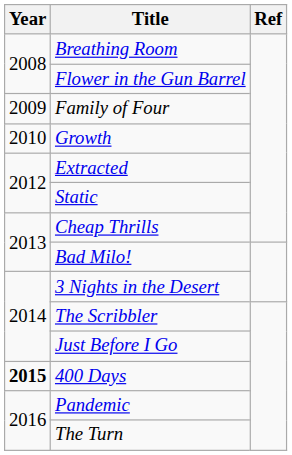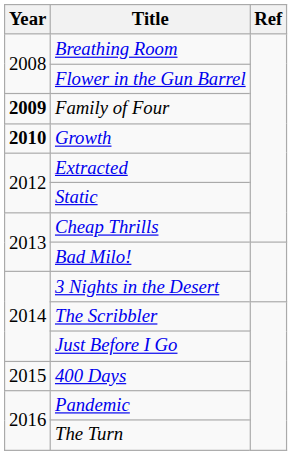 <table class="wikitable">
 <tr>
 <th>Year</th>
 <th>Title</th>
 <th>Ref</th>
 </tr>
 <tr>
 <td rowspan=2>2008</td>
 <td><em><a href='#'>Breathing Room</a></em></td>
 <td rowspan=7></td>
 </tr>
 <tr>
 <td><em><a href='#'>Flower in the Gun Barrel</a></em></td>
 </tr>
 <tr>
-<td>2009</td>
+<td><strong>2009</strong></td>
 <td><em>Family of Four</em></td>
 </tr>
 <tr>
-<td>2010</td>
+<td><strong>2010</strong></td>
 <td><em><a href='#'>Growth</a></em></td>
 </tr>
 <tr>
 <td rowspan=2>2012</td>
 <td><em><a href='#'>Extracted</a></em></td>
 </tr>
 <tr>
 <td><em><a href='#'>Static</a></em></td>
 </tr>
 <tr>
 <td rowspan=2>2013</td>
 <td><em><a href='#'>Cheap Thrills</a></em></td>
 </tr>
 <tr>
 <td><em><a href='#'>Bad Milo!</a></em></td>
 <td rowspan=2></td>
 </tr>
 <tr>
 <td rowspan=3>2014</td>
 <td><em><a href='#'>3 Nights in the Desert</a></em></td>
 </tr>
 <tr>
 <td><em><a href='#'>The Scribbler</a></em></td>
 <td rowspan=5></td>
 </tr>
 <tr>
 <td><em><a href='#'>Just Before I Go</a></em></td>
 </tr>
 <tr>
-<td><strong>2015</strong></td>
+<td>2015</td>
 <td><em><a href='#'>400 Days</a></em></td>
 </tr>
 <tr>
 <td rowspan=2>2016</td>
 <td><em><a href='#'>Pandemic</a></em></td>
 </tr>
 <tr>
 <td><em>The Turn</em></td>
 </tr>
 </table>
